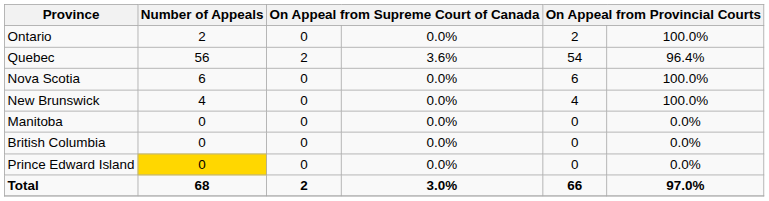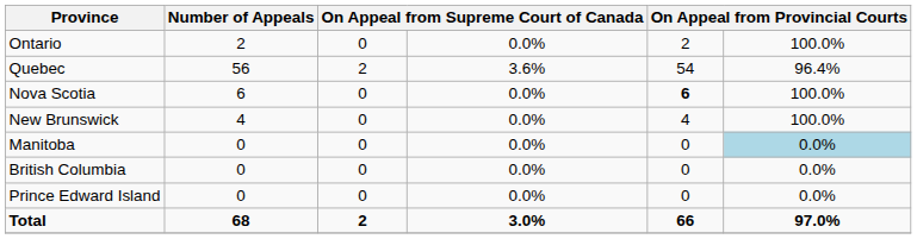 <table class="wikitable sortable">
 <tr>
 <th>Province</th>
 <th>Number of Appeals</th>
 <th colspan="2">On Appeal from Supreme Court of Canada</th>
 <th colspan="2">On Appeal from Provincial Courts</th>
 </tr>
 <tr>
 <td>Ontario</td>
 <td style="text-align: center;">2</td>
 <td style="text-align: center;">0</td>
 <td style="text-align: center;">0.0%</td>
 <td style="text-align: center;">2</td>
 <td style="text-align: center;">100.0%</td>
 </tr>
 <tr>
 <td>Quebec</td>
 <td style="text-align: center;">56</td>
 <td style="text-align: center;">2</td>
 <td style="text-align: center;">3.6%</td>
 <td style="text-align: center;">54</td>
 <td style="text-align: center;">96.4%</td>
 </tr>
 <tr>
 <td>Nova Scotia</td>
 <td style="text-align: center;">6</td>
 <td style="text-align: center;">0</td>
 <td style="text-align: center;">0.0%</td>
-<td style="text-align: center;">6</td>
+<td style="text-align: center;"><strong>6</strong></td>
 <td style="text-align: center;">100.0%</td>
 </tr>
 <tr>
 <td>New Brunswick</td>
 <td style="text-align: center;">4</td>
 <td style="text-align: center;">0</td>
 <td style="text-align: center;">0.0%</td>
 <td style="text-align: center;">4</td>
 <td style="text-align: center;">100.0%</td>
 </tr>
 <tr>
 <td>Manitoba</td>
 <td style="text-align: center;">0</td>
 <td style="text-align: center;">0</td>
 <td style="text-align: center;">0.0%</td>
 <td style="text-align: center;">0</td>
-<td style="text-align: center;">0.0%</td>
+<td style="background: lightblue; text-align: center;">0.0%</td>
 </tr>
 <tr>
 <td>British Columbia</td>
 <td style="text-align: center;">0</td>
 <td style="text-align: center;">0</td>
 <td style="text-align: center;">0.0%</td>
 <td style="text-align: center;">0</td>
 <td style="text-align: center;">0.0%</td>
 </tr>
 <tr>
 <td>Prince Edward Island</td>
-<td style="background: gold; text-align: center;">0</td>
+<td style="text-align: center;">0</td>
 <td style="text-align: center;">0</td>
 <td style="text-align: center;">0.0%</td>
 <td style="text-align: center;">0</td>
 <td style="text-align: center;">0.0%</td>
 </tr>
 <tr>
 <td><strong>Total</strong></td>
 <td style="text-align: center;"><strong>68</strong></td>
 <td style="text-align: center;"><strong>2</strong></td>
 <td style="text-align: center;"><strong>3.0%</strong></td>
 <td style="text-align: center;"><strong>66</strong></td>
 <td style="text-align: center;"><strong>97.0%</strong></td>
 </tr>
 <tr>
 </tr>
 </table>
